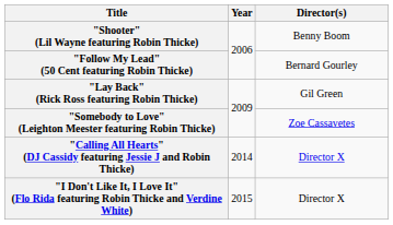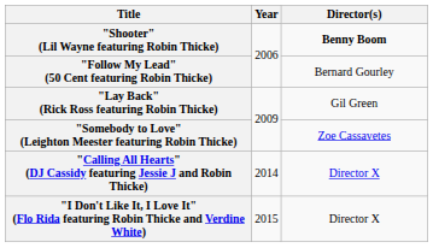 <table class="wikitable plainrowheaders" style="text-align:center;" border="1">
 <tr>
 <th scope="col" style="width:20.5em;">Title</th>
 <th scope="col">Year</th>
 <th scope="col" style="width:12em;">Director(s)</th>
 </tr>
 <tr>
 <th scope="row">"Shooter"<br><span>(Lil Wayne featuring Robin Thicke)</span></th>
 <td rowspan="2">2006</td>
-<td>Benny Boom</td>
+<td><strong>Benny Boom</strong></td>
 </tr>
 <tr>
 <th scope="row">"Follow My Lead"<br><span>(50 Cent featuring Robin Thicke)</span></th>
 <td>Bernard Gourley</td>
 </tr>
 <tr>
 <th scope="row">"Lay Back"<br><span>(Rick Ross featuring Robin Thicke)</span></th>
 <td rowspan="2">2009</td>
 <td>Gil Green</td>
 </tr>
 <tr>
 <th scope="row">"Somebody to Love"<br><span>(Leighton Meester featuring Robin Thicke)</span></th>
 <td><a href='#'>Zoe Cassavetes</a></td>
 </tr>
 <tr>
 <th scope="row">"<a href='#'>Calling All Hearts</a>"<br><span>(<a href='#'>DJ Cassidy</a> featuring <a href='#'>Jessie J</a> and Robin Thicke)</span></th>
 <td>2014</td>
 <td><a href='#'>Director X</a></td>
 </tr>
 <tr>
 <th scope="row">"I Don't Like It, I Love It"<br><span>(<a href='#'>Flo Rida</a> featuring Robin Thicke and <a href='#'>Verdine White</a>)</span></th>
 <td>2015</td>
 <td>Director X</td>
 </tr>
 </table>
